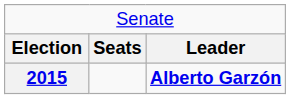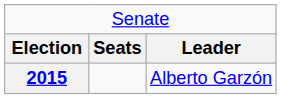 <table class="wikitable" style="font-size:97%;">
 <tr>
 <td align="center" colspan="3"><a href='#'>Senate</a></td>
 </tr>
 <tr>
 <th width="65">Election</th>
 <th>Seats</th>
 <th>Leader</th>
 </tr>
 <tr>
 <th><a href='#'>2015</a></th>
 <td></td>
-<td><strong><a href='#'>Alberto Garzón</a></strong></td>
+<td><a href='#'>Alberto Garzón</a></td>
 </tr>
 </table>
